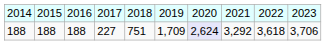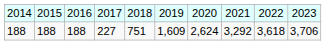 <table class="wikitable">
 <tr align="center" style="background:#E0FFFF;">
 <td>2014</td>
 <td>2015</td>
 <td>2016</td>
 <td>2017</td>
 <td>2018</td>
 <td>2019</td>
 <td>2020</td>
 <td>2021</td>
 <td>2022</td>
 <td>2023</td>
 </tr>
 <tr>
 <td>188</td>
 <td>188</td>
 <td>188</td>
 <td>227</td>
 <td>751</td>
-<td>1,709</td>
-<td style="background: lavender;">2,624</td>
+<td>1,609</td>
+<td>2,624</td>
 <td>3,292</td>
 <td>3,618</td>
 <td>3,706</td>
 </tr>
 </table>
